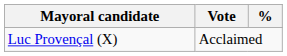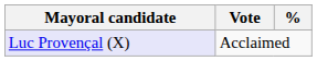 <table class="wikitable">
 <tr>
 <th bgcolor="#DDDDFF" width="200px">Mayoral candidate</th>
 <th bgcolor="#DDDDFF" width="50px">Vote</th>
 <th bgcolor="#DDDDFF"  width="30px">%</th>
 </tr>
 <tr>
-<td><a href='#'>Luc Provençal</a> (X)</td>
+<td style="background: lavender;"><a href='#'>Luc Provençal</a> (X)</td>
 <td colspan="2">Acclaimed</td>
 </tr>
 </table>
